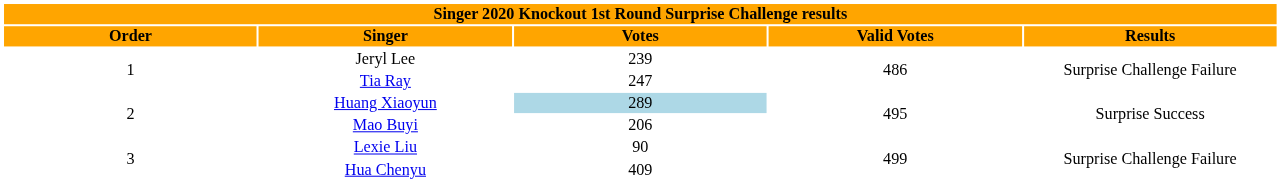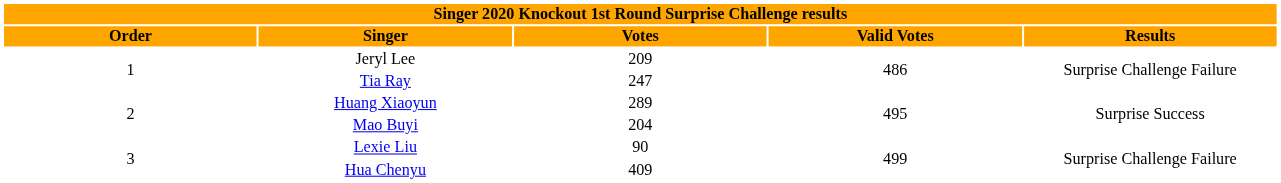 <table width="100%" style="text-align:center">
 <tr style="background:orange">
 <th colspan="5"><div>Singer 2020 Knockout 1st Round Surprise Challenge results</div></th>
 </tr>
 <tr style="background:orange">
 <th style="width:20%">Order</th>
 <th style="width:20%">Singer</th>
 <th style="width:20%">Votes</th>
 <th style="width:20%">Valid Votes</th>
 <th style="width:20%">Results</th>
 </tr>
 <tr>
 <td rowspan=2>1</td>
 <td>Jeryl Lee</td>
-<td>239</td>
+<td>209</td>
 <td rowspan=2>486</td>
 <td rowspan=2>Surprise Challenge Failure</td>
 </tr>
 <tr>
 <td><a href='#'>Tia Ray</a></td>
 <td>247</td>
 </tr>
 <tr>
 <td rowspan=2>2</td>
 <td><a href='#'>Huang Xiaoyun</a></td>
-<td style="background: lightblue;">289</td>
+<td>289</td>
 <td rowspan=2>495</td>
 <td rowspan=2>Surprise Success</td>
 </tr>
 <tr>
 <td><a href='#'>Mao Buyi</a></td>
-<td>206</td>
+<td>204</td>
 </tr>
 <tr>
 <td rowspan=2>3</td>
 <td><a href='#'>Lexie Liu</a></td>
 <td>90</td>
 <td rowspan=2>499</td>
 <td rowspan=2>Surprise Challenge Failure</td>
 </tr>
 <tr>
 <td><a href='#'>Hua Chenyu</a></td>
 <td>409</td>
 </tr>
 </table>
